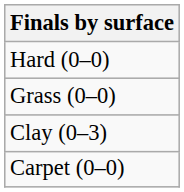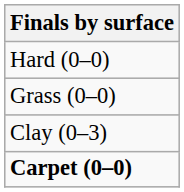 <table class="wikitable" style="font-size:92%;">
 <tr>
 <th>Finals by surface</th>
 </tr>
 <tr>
 <td>Hard (0–0)</td>
 </tr>
 <tr>
 <td>Grass (0–0)</td>
 </tr>
 <tr>
 <td>Clay (0–3)</td>
 </tr>
 <tr>
-<td>Carpet (0–0)</td>
+<td><strong>Carpet (0–0)</strong></td>
 </tr>
 </table>
